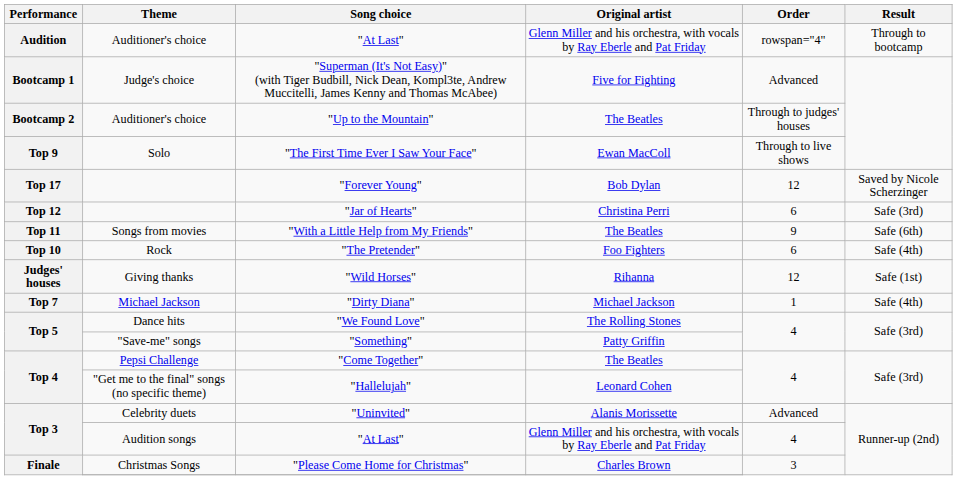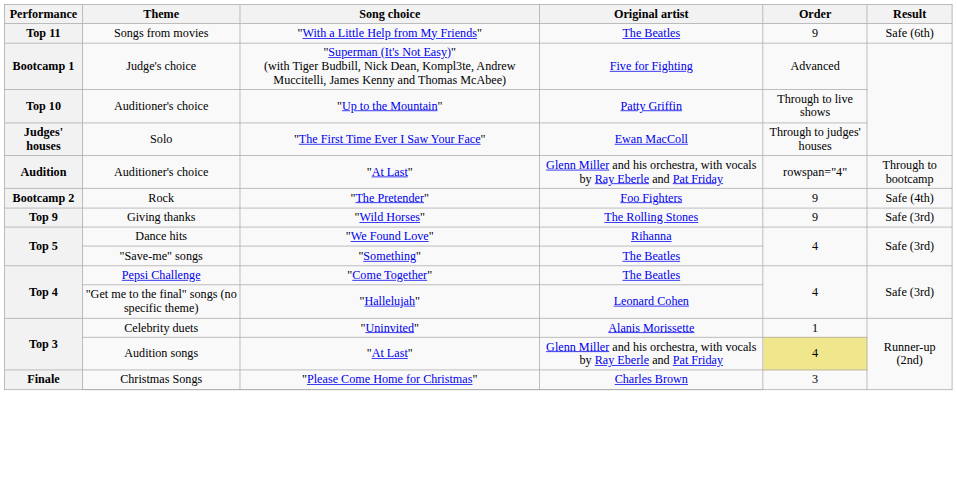 <table class="wikitable" style="text-align: center;">
 <tr>
 <th>Performance</th>
 <th>Theme</th>
 <th>Song choice</th>
 <th>Original artist</th>
 <th>Order</th>
 <th>Result</th>
 </tr>
 <tr>
-<th>Audition</th>
-<td>Auditioner's choice</td>
-<td>"<a href='#'>At Last</a>"</td>
-<td><a href='#'>Glenn Miller</a> and his orchestra, with vocals by <a href='#'>Ray Eberle</a> and <a href='#'>Pat Friday</a></td>
-<td>rowspan="4" </td>
-<td>Through to bootcamp</td>
+<th>Top 11</th>
+<td>Songs from movies</td>
+<td>"<a href='#'>With a Little Help from My Friends</a>"</td>
+<td><a href='#'>The Beatles</a></td>
+<td>9</td>
+<td>Safe (6th)</td>
 </tr>
 <tr>
 <th>Bootcamp 1</th>
 <td>Judge's choice</td>
 <td>"<a href='#'>Superman (It's Not Easy)</a>" <br><span>(with Tiger Budbill, Nick Dean, Kompl3te, Andrew Muccitelli, James Kenny and Thomas McAbee)</span></td>
 <td><a href='#'>Five for Fighting</a></td>
 <td>Advanced</td>
 </tr>
 <tr>
-<th>Bootcamp 2</th>
+<th>Top 10</th>
 <td>Auditioner's choice</td>
 <td>"<a href='#'>Up to the Mountain</a>"</td>
-<td><a href='#'>The Beatles</a></td>
+<td><a href='#'>Patty Griffin</a></td>
+<td>Through to live shows</td>
+</tr>
+<tr>
+<th>Judges' houses</th>
+<td>Solo</td>
+<td>"<a href='#'>The First Time Ever I Saw Your Face</a>"</td>
+<td><a href='#'>Ewan MacColl</a></td>
 <td>Through to judges' houses</td>
 </tr>
 <tr>
-<th>Top 9</th>
-<td>Solo</td>
-<td>"<a href='#'>The First Time Ever I Saw Your Face</a>"</td>
-<td><a href='#'>Ewan MacColl</a></td>
-<td>Through to live shows</td>
+<th>Audition</th>
+<td>Auditioner's choice</td>
+<td>"<a href='#'>At Last</a>"</td>
+<td><a href='#'>Glenn Miller</a> and his orchestra, with vocals by <a href='#'>Ray Eberle</a> and <a href='#'>Pat Friday</a></td>
+<td>rowspan="4" </td>
+<td>Through to bootcamp</td>
 </tr>
 <tr>
-<th>Top 17</th>
-<td></td>
-<td>"<a href='#'>Forever Young</a>"</td>
-<td><a href='#'>Bob Dylan</a></td>
-<td>12</td>
-<td>Saved by Nicole Scherzinger</td>
-</tr>
-<tr>
-<th>Top 12</th>
-<td></td>
-<td>"<a href='#'>Jar of Hearts</a>"</td>
-<td><a href='#'>Christina Perri</a></td>
-<td>6</td>
-<td>Safe (3rd)</td>
-</tr>
-<tr>
-<th>Top 11</th>
-<td>Songs from movies</td>
-<td>"<a href='#'>With a Little Help from My Friends</a>"</td>
-<td><a href='#'>The Beatles</a></td>
-<td>9</td>
-<td>Safe (6th)</td>
-</tr>
-<tr>
-<th>Top 10</th>
+<th>Bootcamp 2</th>
 <td>Rock</td>
 <td>"<a href='#'>The Pretender</a>"</td>
 <td><a href='#'>Foo Fighters</a></td>
-<td>6</td>
+<td>9</td>
 <td>Safe (4th)</td>
 </tr>
 <tr>
-<th>Judges' houses</th>
+<th>Top 9</th>
 <td>Giving thanks</td>
 <td>"<a href='#'>Wild Horses</a>"</td>
-<td><a href='#'>Rihanna</a></td>
-<td>12</td>
-<td>Safe (1st)</td>
-</tr>
-<tr>
-<th>Top 7</th>
-<td><a href='#'>Michael Jackson</a></td>
-<td>"<a href='#'>Dirty Diana</a>"</td>
-<td><a href='#'>Michael Jackson</a></td>
-<td>1</td>
-<td>Safe (4th)</td>
+<td><a href='#'>The Rolling Stones</a></td>
+<td>9</td>
+<td>Safe (3rd)</td>
 </tr>
 <tr>
 <th rowspan="2">Top 5</th>
 <td>Dance hits</td>
 <td>"<a href='#'>We Found Love</a>"</td>
-<td><a href='#'>The Rolling Stones</a></td>
+<td><a href='#'>Rihanna</a></td>
 <td rowspan="2">4</td>
 <td rowspan="2">Safe (3rd)</td>
 </tr>
 <tr>
 <td>"Save-me" songs</td>
 <td>"<a href='#'>Something</a>"</td>
-<td><a href='#'>Patty Griffin</a></td>
+<td><a href='#'>The Beatles</a></td>
 </tr>
 <tr>
 <th rowspan="2">Top 4</th>
 <td><a href='#'>Pepsi Challenge</a></td>
 <td>"<a href='#'>Come Together</a>"</td>
 <td><a href='#'>The Beatles</a></td>
 <td rowspan="2">4</td>
 <td rowspan="2">Safe (3rd)</td>
 </tr>
 <tr>
 <td>"Get me to the final" songs (no specific theme)</td>
 <td>"<a href='#'>Hallelujah</a>"</td>
 <td><a href='#'>Leonard Cohen</a></td>
 </tr>
 <tr>
 <th rowspan="2">Top 3</th>
 <td>Celebrity duets</td>
 <td>"<a href='#'>Uninvited</a>"</td>
 <td><a href='#'>Alanis Morissette</a></td>
-<td>Advanced</td>
+<td rowspan="1">1</td>
 <td rowspan="6">Runner-up (2nd)</td>
 </tr>
 <tr>
 <td>Audition songs</td>
 <td>"<a href='#'>At Last</a>"</td>
 <td><a href='#'>Glenn Miller</a> and his orchestra, with vocals by <a href='#'>Ray Eberle</a> and <a href='#'>Pat Friday</a></td>
-<td rowspan="1">4</td>
+<td rowspan="1" style="background: khaki;">4</td>
 </tr>
 <tr>
 <th rowspan="2">Finale</th>
 <td>Christmas Songs</td>
 <td>"<a href='#'>Please Come Home for Christmas</a>"</td>
 <td><a href='#'>Charles Brown</a></td>
 <td rowspan="2">3</td>
 </tr>
 <tr>
 </tr>
 </table>
